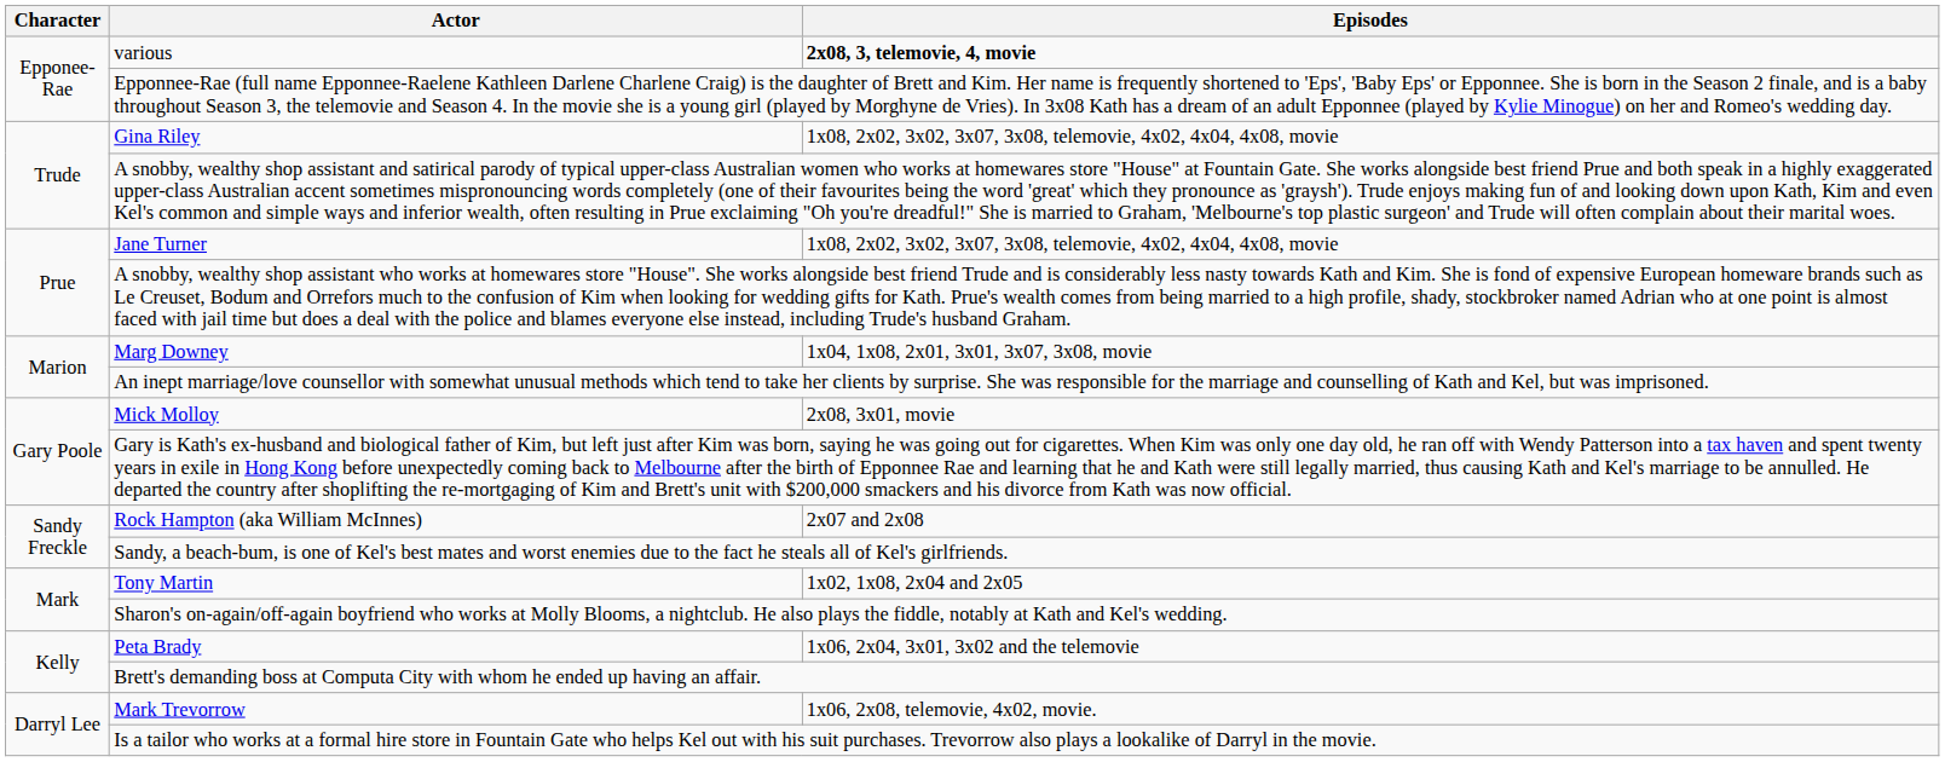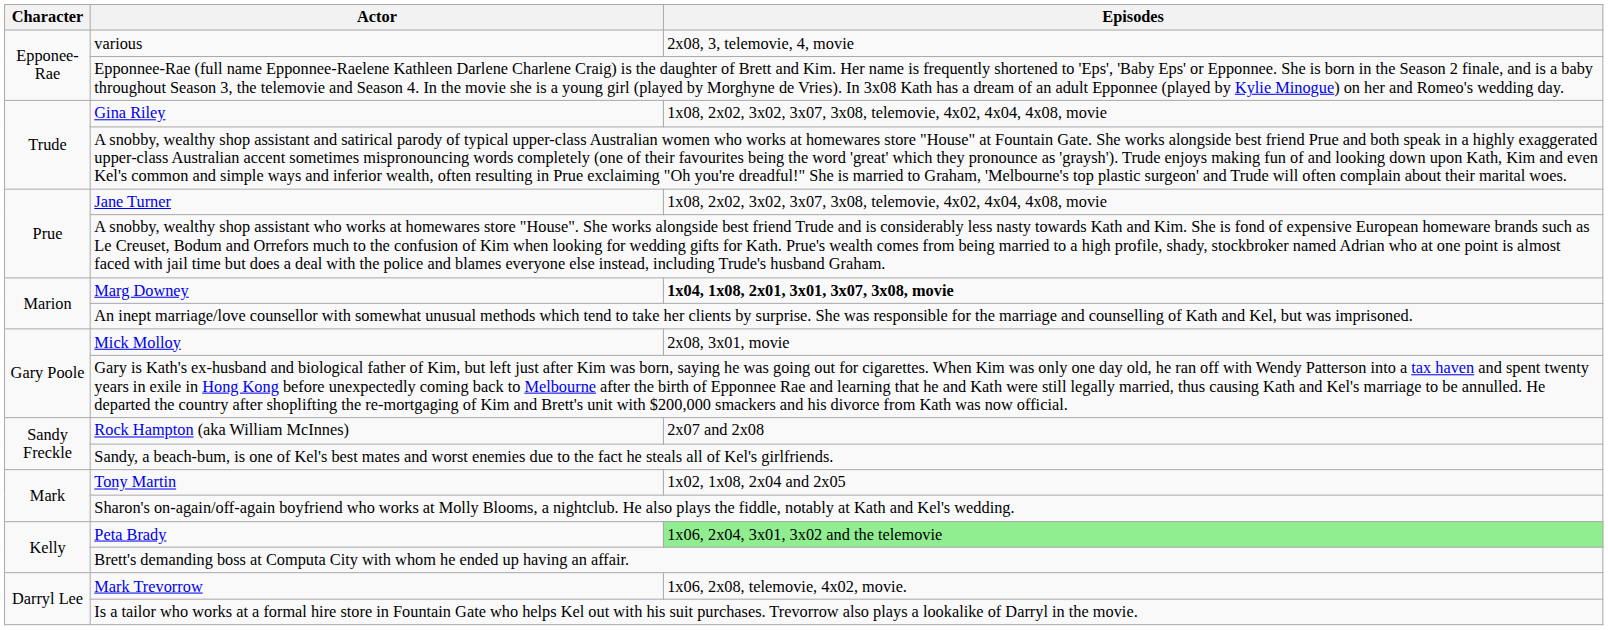 <table class="wikitable">
 <tr>
 <th>Character</th>
 <th>Actor</th>
 <th>Episodes</th>
 </tr>
 <tr>
 <td rowspan=2 align=center>Epponee-Rae</td>
 <td>various</td>
-<td><strong>2x08, 3, telemovie, 4, movie</strong></td>
+<td>2x08, 3, telemovie, 4, movie</td>
 </tr>
 <tr>
 <td colspan=3>Epponnee-Rae (full name Epponnee-Raelene Kathleen Darlene Charlene Craig) is the daughter of Brett and Kim. Her name is frequently shortened to 'Eps', 'Baby Eps' or Epponnee. She is born in the Season 2 finale, and is a baby throughout Season 3, the telemovie and Season 4. In the movie she is a young girl (played by Morghyne de Vries). In 3x08 Kath has a dream of an adult Epponnee (played by <a href='#'>Kylie Minogue</a>) on her and Romeo's wedding day.</td>
 </tr>
 <tr>
 <td rowspan=2 align=center>Trude</td>
 <td><a href='#'>Gina Riley</a></td>
 <td>1x08, 2x02, 3x02, 3x07, 3x08, telemovie, 4x02, 4x04, 4x08, movie</td>
 </tr>
 <tr>
 <td colspan=3>A snobby, wealthy shop assistant and satirical parody of typical upper-class Australian women who works at homewares store "House" at Fountain Gate. She works alongside best friend Prue and both speak in a highly exaggerated upper-class Australian accent sometimes mispronouncing words completely (one of their favourites being the word 'great' which they pronounce as 'graysh'). Trude enjoys making fun of and looking down upon Kath, Kim and even Kel's common and simple ways and inferior wealth,  often resulting in Prue exclaiming "Oh you're dreadful!" She is married to Graham, 'Melbourne's top plastic surgeon' and Trude will often complain about their marital woes.</td>
 </tr>
 <tr>
 <td rowspan=2 align=center>Prue</td>
 <td><a href='#'>Jane Turner</a></td>
 <td>1x08, 2x02, 3x02, 3x07, 3x08, telemovie, 4x02, 4x04, 4x08, movie</td>
 </tr>
 <tr>
 <td colspan=3>A snobby, wealthy shop assistant who works at homewares store "House". She works alongside best friend Trude and is considerably less nasty towards Kath and Kim. She is fond of expensive European homeware brands such as Le Creuset, Bodum and Orrefors much to the confusion of Kim when looking for wedding gifts for Kath. Prue's wealth comes from being married to a high profile, shady, stockbroker named Adrian who at one point is almost faced with jail time but does a deal with the police and blames everyone else instead, including Trude's husband Graham.</td>
 </tr>
 <tr>
 <td rowspan=2 align=center>Marion</td>
 <td><a href='#'>Marg Downey</a></td>
-<td>1x04, 1x08, 2x01, 3x01, 3x07, 3x08, movie</td>
+<td><strong>1x04, 1x08, 2x01, 3x01, 3x07, 3x08, movie</strong></td>
 </tr>
 <tr>
 <td colspan=3>An inept marriage/love counsellor with somewhat unusual methods which tend to take her clients by surprise. She was responsible for the marriage and counselling of Kath and Kel, but was imprisoned.</td>
 </tr>
 <tr>
 <td rowspan=2 align=center>Gary Poole</td>
 <td><a href='#'>Mick Molloy</a></td>
 <td>2x08, 3x01, movie</td>
 </tr>
 <tr>
 <td colspan=3>Gary is Kath's ex-husband and biological father of Kim, but left just after Kim was born, saying he was going out for cigarettes. When Kim was only one day old, he ran off with Wendy Patterson into a <a href='#'>tax haven</a> and spent twenty years in exile in <a href='#'>Hong Kong</a> before unexpectedly coming back to <a href='#'>Melbourne</a> after the birth of Epponnee Rae and learning that he and Kath were still legally married, thus causing Kath and Kel's marriage to be annulled. He departed the country after shoplifting the re-mortgaging of Kim and Brett's unit with $200,000 smackers and his divorce from Kath was now official.</td>
 </tr>
 <tr>
 <td rowspan=2 align=center>Sandy Freckle</td>
 <td><a href='#'>Rock Hampton</a> (aka William McInnes)</td>
 <td>2x07 and 2x08</td>
 </tr>
 <tr>
 <td colspan=3>Sandy, a beach-bum, is one of Kel's best mates and worst enemies due to the fact he steals all of Kel's girlfriends.</td>
 </tr>
 <tr>
 <td rowspan=2 align=center>Mark</td>
 <td><a href='#'>Tony Martin</a></td>
 <td>1x02, 1x08, 2x04 and 2x05</td>
 </tr>
 <tr>
 <td colspan=3>Sharon's on-again/off-again boyfriend who works at Molly Blooms, a nightclub. He also plays the fiddle, notably at Kath and Kel's wedding.</td>
 </tr>
 <tr>
 <td rowspan=2 align=center>Kelly</td>
 <td><a href='#'>Peta Brady</a></td>
-<td>1x06, 2x04, 3x01, 3x02 and the telemovie</td>
+<td style="background: lightgreen;">1x06, 2x04, 3x01, 3x02 and the telemovie</td>
 </tr>
 <tr>
 <td colspan=3>Brett's demanding boss at Computa City with whom he ended up having an affair.</td>
 </tr>
 <tr>
 <td rowspan=2 align=center>Darryl Lee</td>
 <td><a href='#'>Mark Trevorrow</a></td>
 <td>1x06, 2x08, telemovie, 4x02, movie.</td>
 </tr>
 <tr>
 <td colspan=3>Is a tailor who works at a formal hire store in Fountain Gate who helps Kel out with his suit purchases. Trevorrow also plays a lookalike of Darryl in the movie.</td>
 </tr>
 </table>
